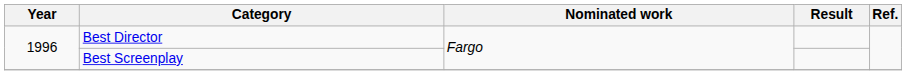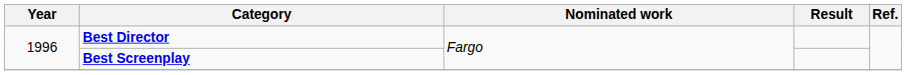 <table class="wikitable unsortable">
 <tr>
 <th scope="col" style="width:5em;">Year</th>
 <th scope="col" style="width:26em;">Category</th>
 <th scope="col" style="width:25em;">Nominated work</th>
 <th scope="col" style="width:5em;">Result</th>
 <th class=unsortable>Ref.</th>
 </tr>
 <tr>
 <td style="text-align:center;", rowspan=2>1996</td>
-<td><a href='#'>Best Director</a></td>
+<td><strong><a href='#'>Best Director</a></strong></td>
 <td rowspan=2><em>Fargo</em></td>
 <td></td>
 <td rowspan=2></td>
 </tr>
 <tr>
-<td><a href='#'>Best Screenplay</a></td>
+<td><strong><a href='#'>Best Screenplay</a></strong></td>
 <td></td>
 </tr>
 <tr>
 </tr>
 </table>
